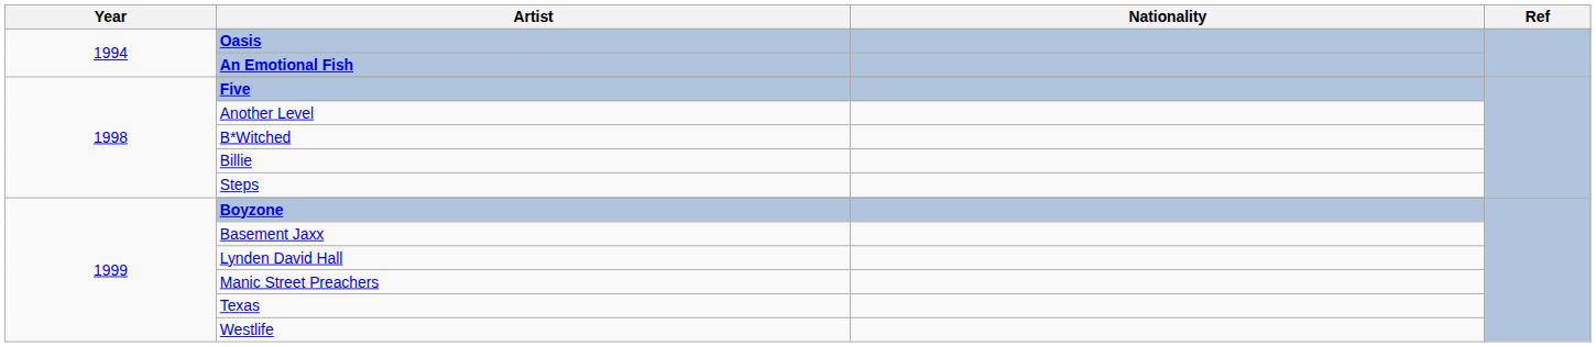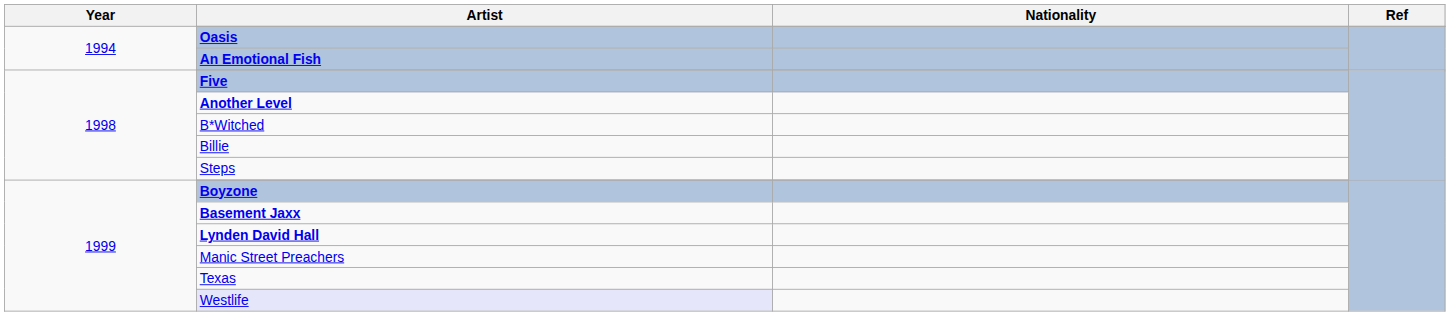 <table class="wikitable sortable plainrowheaders" style="font-size:95%; width:100%;">
 <tr style="background:#bebebe;">
 <th style="width:10%;">Year</th>
 <th style="width:30%;">Artist</th>
 <th style="width:30%;">Nationality</th>
 <th style="width:5%;">Ref</th>
 </tr>
 <tr>
 <td rowspan="3" align="center"><a href='#'>1994</a></td>
 </tr>
 <tr style="background:#B0C4DE">
 <td><strong><a href='#'>Oasis</a> </strong></td>
 <td><strong></strong></td>
 <td rowspan="3" align="center"></td>
 </tr>
 <tr style="background:#B0C4DE">
 <td><strong><a href='#'>An Emotional Fish</a> </strong></td>
 <td><strong></strong></td>
 </tr>
 <tr>
 <td rowspan="6" align="center"><a href='#'>1998</a></td>
 </tr>
 <tr style="background:#B0C4DE">
 <td><strong><a href='#'>Five</a> </strong></td>
 <td><strong></strong></td>
 <td rowspan="6" align="center"></td>
 </tr>
 <tr>
-<td><a href='#'>Another Level</a></td>
+<td><strong><a href='#'>Another Level</a></strong></td>
 <td></td>
 </tr>
 <tr>
 <td><a href='#'>B*Witched</a></td>
 <td></td>
 </tr>
 <tr>
 <td><a href='#'>Billie</a></td>
 <td></td>
 </tr>
 <tr>
 <td><a href='#'>Steps</a></td>
 <td></td>
 </tr>
 <tr>
 <td rowspan="7" align="center"><a href='#'>1999</a></td>
 </tr>
 <tr style="background:#B0C4DE">
 <td><strong><a href='#'>Boyzone</a></strong></td>
 <td><strong></strong></td>
 <td rowspan="7" align="center"></td>
 </tr>
 <tr>
-<td><a href='#'>Basement Jaxx</a></td>
+<td><strong><a href='#'>Basement Jaxx</a></strong></td>
 <td></td>
 </tr>
 <tr>
-<td><a href='#'>Lynden David Hall</a></td>
+<td><strong><a href='#'>Lynden David Hall</a></strong></td>
 <td></td>
 </tr>
 <tr>
 <td><a href='#'>Manic Street Preachers</a></td>
 <td></td>
 </tr>
 <tr>
 <td><a href='#'>Texas</a></td>
 <td></td>
 </tr>
 <tr>
-<td><a href='#'>Westlife</a></td>
+<td style="background: lavender;"><a href='#'>Westlife</a></td>
 <td></td>
 </tr>
 </table>
